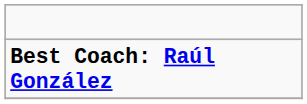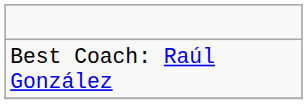 <table class="wikitable right" style="margin-left:1em;">
 <tr>
 <td><br>        </td>
 </tr>
 <tr>
-<td width="175"><strong>Best Coach:  <a href='#'>Raúl González</a></strong></td>
+<td width="175">Best Coach:  <a href='#'>Raúl González</a></td>
 </tr>
 <tr>
 </tr>
 </table>
